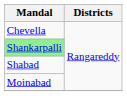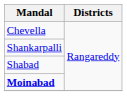 <table class="wikitable sortable static-row-numbers static-row-header-hash">
 <tr>
 <th>Mandal</th>
 <th>Districts</th>
 </tr>
 <tr>
 <td><a href='#'>Chevella</a></td>
 <td rowspan=4><a href='#'>Rangareddy</a></td>
 </tr>
 <tr>
-<td style="background: lightgreen;"><a href='#'>Shankarpalli</a></td>
+<td><a href='#'>Shankarpalli</a></td>
 </tr>
 <tr>
 <td><a href='#'>Shabad</a></td>
 </tr>
 <tr>
-<td><a href='#'>Moinabad</a></td>
+<td><strong><a href='#'>Moinabad</a></strong></td>
 </tr>
 <tr>
 </tr>
 </table>
